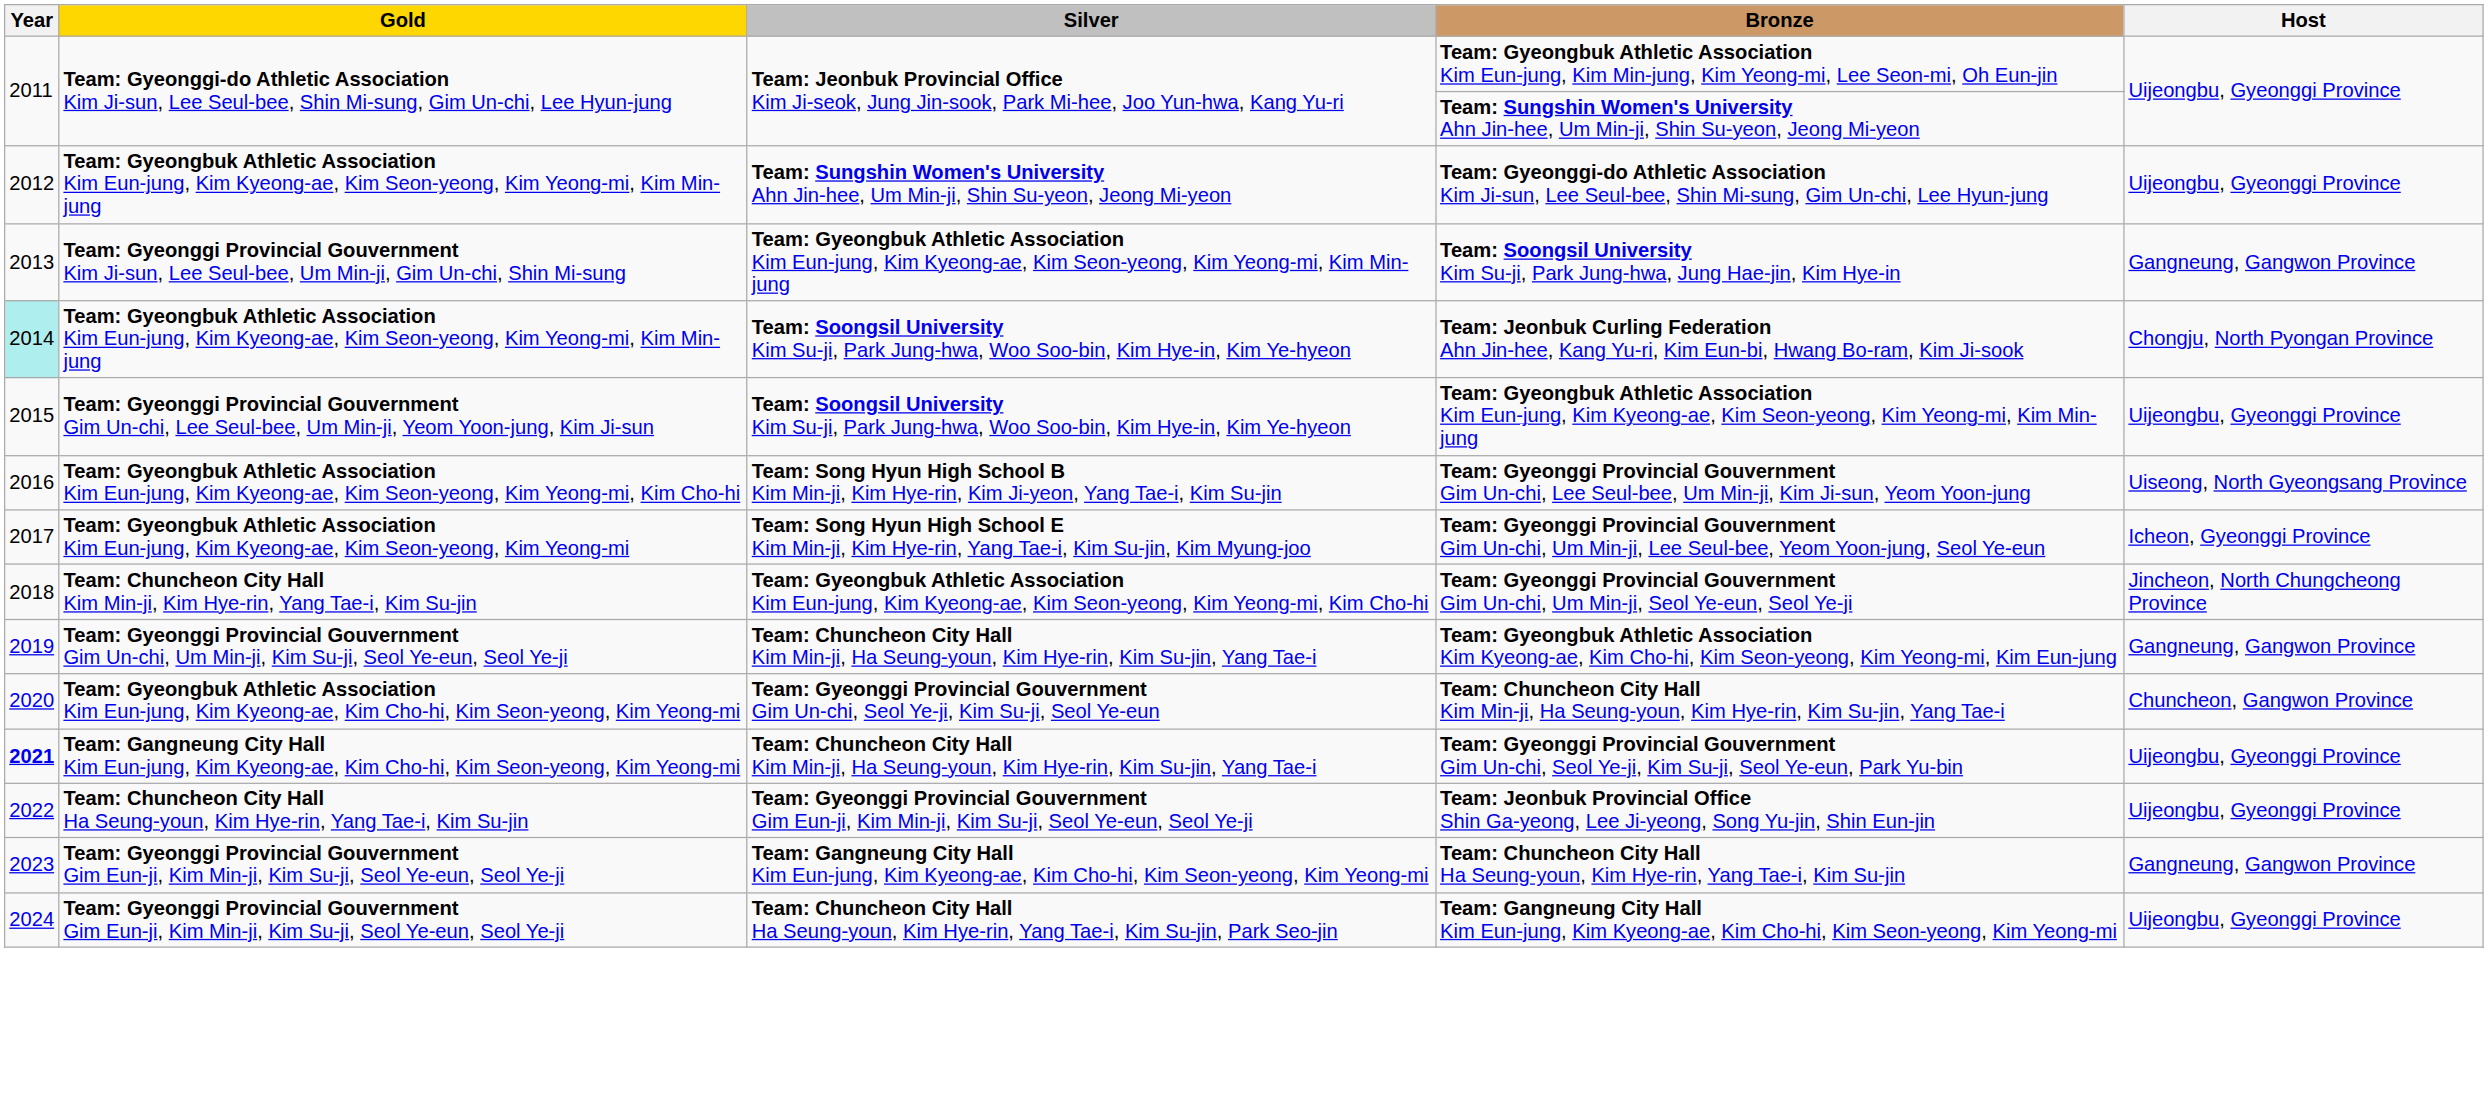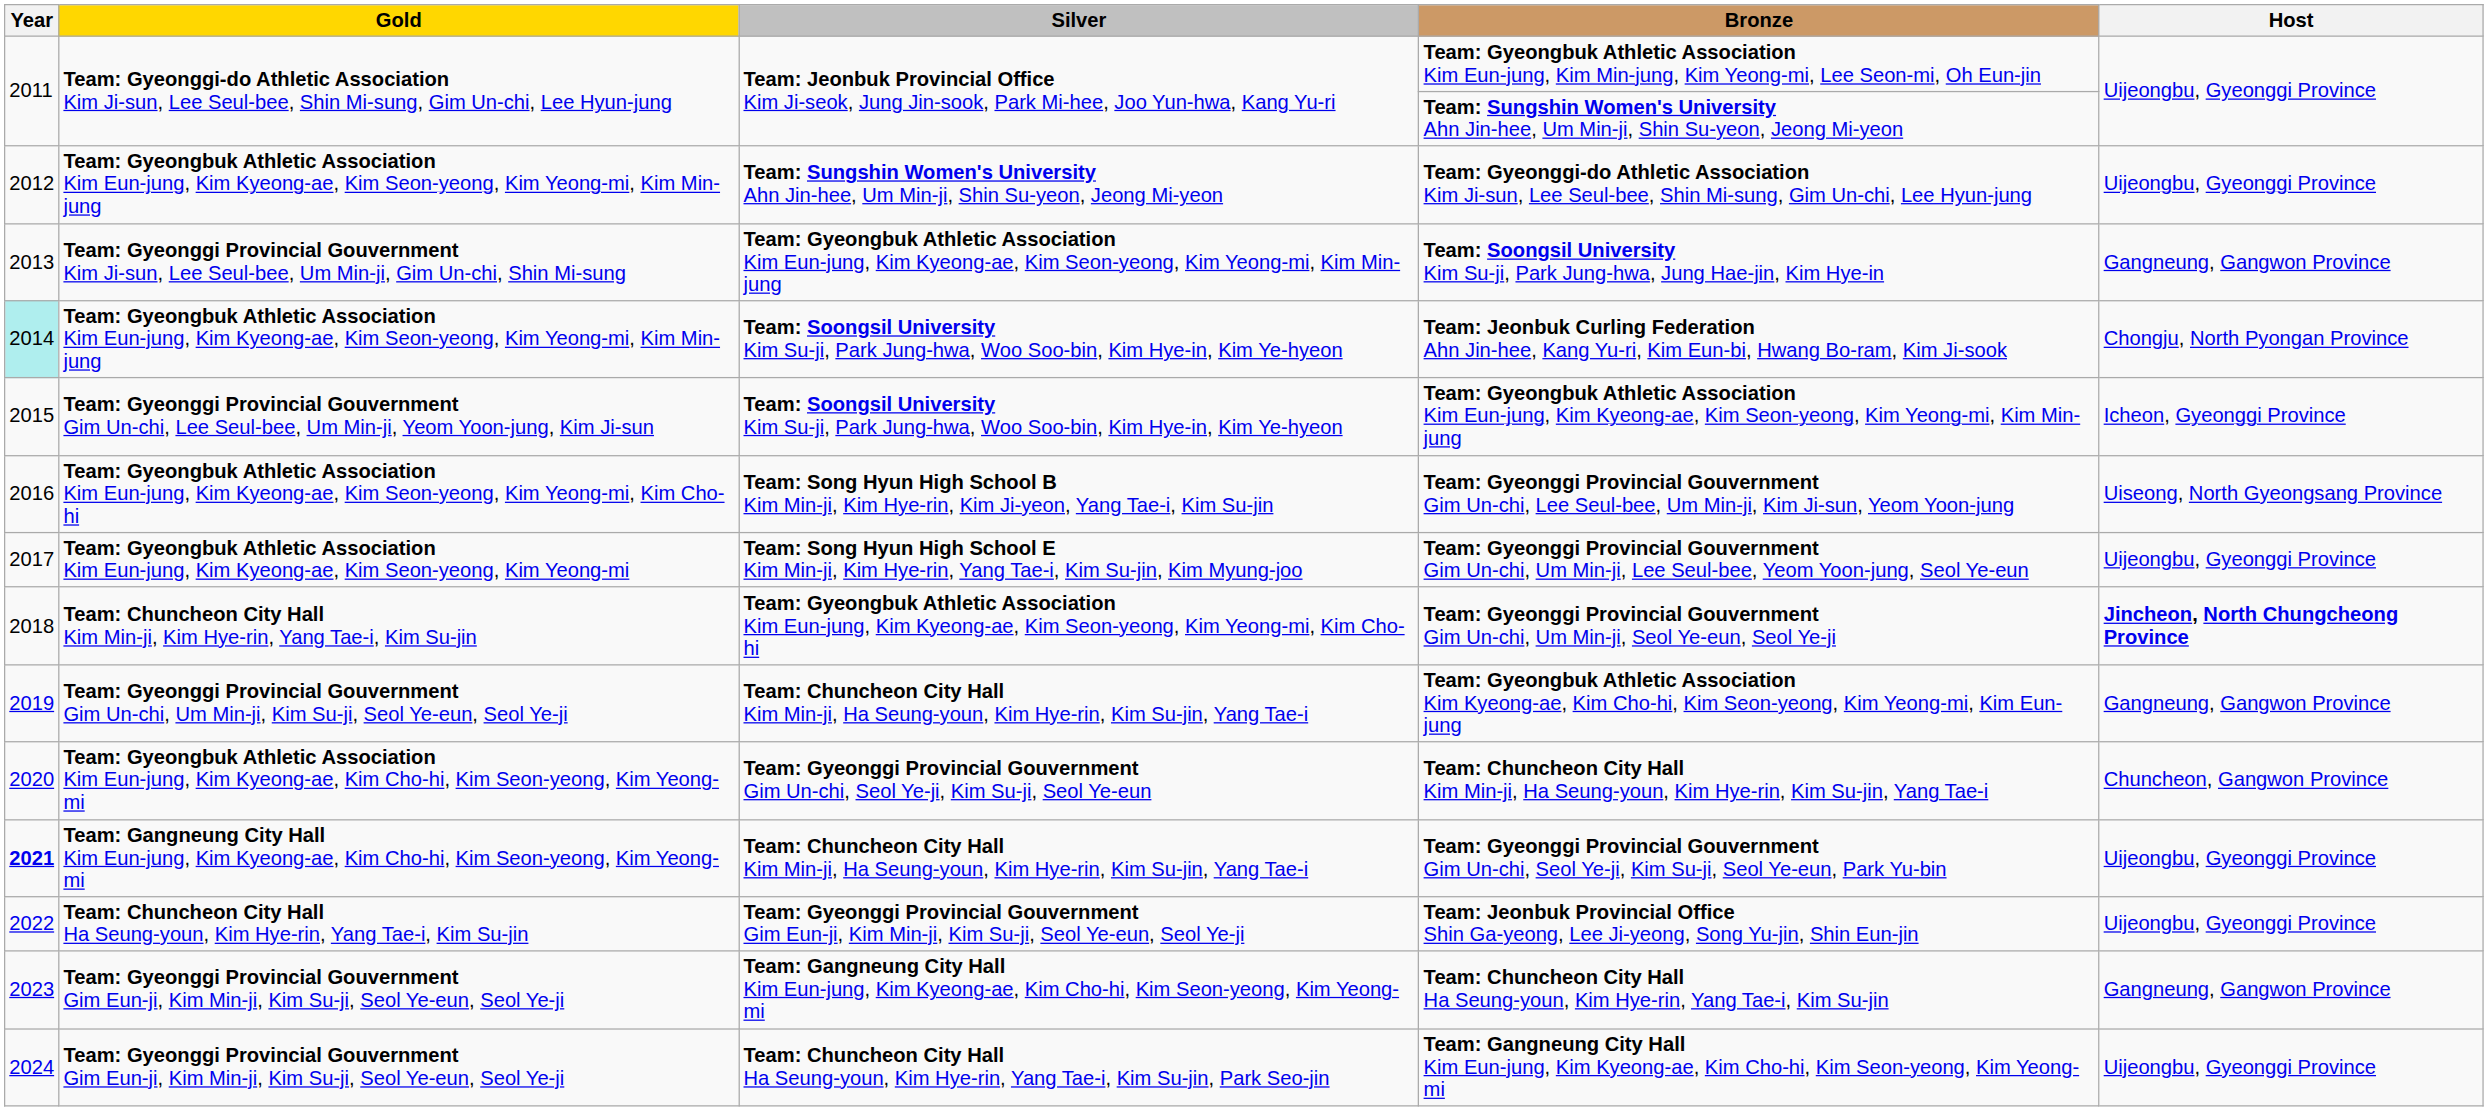 <table class="wikitable">
 <tr>
 <th>Year</th>
 <th style="background:gold;">Gold</th>
 <th style="background:silver;">Silver</th>
 <th style="background:#c96;">Bronze</th>
 <th>Host</th>
 </tr>
 <tr>
 <td rowspan=2>2011</td>
 <td rowspan=2><strong>Team:</strong> <strong> Gyeonggi-do Athletic Association</strong><br><a href='#'>Kim Ji-sun</a>, <a href='#'>Lee Seul-bee</a>, <a href='#'>Shin Mi-sung</a>, <a href='#'>Gim Un-chi</a>, <a href='#'>Lee Hyun-jung</a></td>
 <td rowspan=2><strong>Team:</strong> <strong> Jeonbuk Provincial Office</strong><br><a href='#'>Kim Ji-seok</a>, <a href='#'>Jung Jin-sook</a>, <a href='#'>Park Mi-hee</a>, <a href='#'>Joo Yun-hwa</a>, <a href='#'>Kang Yu-ri</a></td>
 <td><strong>Team:</strong> <strong> Gyeongbuk Athletic Association</strong><br><a href='#'>Kim Eun-jung</a>, <a href='#'>Kim Min-jung</a>, <a href='#'>Kim Yeong-mi</a>, <a href='#'>Lee Seon-mi</a>, <a href='#'>Oh Eun-jin</a></td>
 <td rowspan=2><a href='#'>Uijeongbu</a>, <a href='#'>Gyeonggi Province</a></td>
 </tr>
 <tr>
 <td><strong>Team:</strong> <strong> <a href='#'>Sungshin Women's University</a></strong><br><a href='#'>Ahn Jin-hee</a>, <a href='#'>Um Min-ji</a>, <a href='#'>Shin Su-yeon</a>, <a href='#'>Jeong Mi-yeon</a></td>
 </tr>
 <tr>
 <td>2012</td>
 <td><strong>Team:</strong> <strong> Gyeongbuk Athletic Association</strong><br><a href='#'>Kim Eun-jung</a>, <a href='#'>Kim Kyeong-ae</a>, <a href='#'>Kim Seon-yeong</a>, <a href='#'>Kim Yeong-mi</a>, <a href='#'>Kim Min-jung</a></td>
 <td><strong>Team:</strong> <strong> <a href='#'>Sungshin Women's University</a></strong><br><a href='#'>Ahn Jin-hee</a>, <a href='#'>Um Min-ji</a>, <a href='#'>Shin Su-yeon</a>, <a href='#'>Jeong Mi-yeon</a></td>
 <td><strong>Team:</strong> <strong> Gyeonggi-do Athletic Association</strong><br><a href='#'>Kim Ji-sun</a>, <a href='#'>Lee Seul-bee</a>, <a href='#'>Shin Mi-sung</a>, <a href='#'>Gim Un-chi</a>, <a href='#'>Lee Hyun-jung</a></td>
 <td><a href='#'>Uijeongbu</a>, <a href='#'>Gyeonggi Province</a></td>
 </tr>
 <tr>
 <td>2013</td>
 <td><strong>Team:</strong> <strong> Gyeonggi Provincial Gouvernment</strong><br><a href='#'>Kim Ji-sun</a>, <a href='#'>Lee Seul-bee</a>, <a href='#'>Um Min-ji</a>, <a href='#'>Gim Un-chi</a>, <a href='#'>Shin Mi-sung</a></td>
 <td><strong>Team:</strong> <strong> Gyeongbuk Athletic Association</strong><br><a href='#'>Kim Eun-jung</a>, <a href='#'>Kim Kyeong-ae</a>, <a href='#'>Kim Seon-yeong</a>, <a href='#'>Kim Yeong-mi</a>, <a href='#'>Kim Min-jung</a></td>
 <td><strong>Team:</strong> <strong> <a href='#'>Soongsil University</a></strong><br><a href='#'>Kim Su-ji</a>, <a href='#'>Park Jung-hwa</a>, <a href='#'>Jung Hae-jin</a>, <a href='#'>Kim Hye-in</a></td>
 <td><a href='#'>Gangneung</a>, <a href='#'>Gangwon Province</a></td>
 </tr>
 <tr>
 <td style="background: paleturquoise;">2014</td>
 <td><strong>Team:</strong> <strong> Gyeongbuk Athletic Association</strong><br><a href='#'>Kim Eun-jung</a>, <a href='#'>Kim Kyeong-ae</a>, <a href='#'>Kim Seon-yeong</a>, <a href='#'>Kim Yeong-mi</a>, <a href='#'>Kim Min-jung</a></td>
 <td><strong>Team:</strong> <strong> <a href='#'>Soongsil University</a></strong><br><a href='#'>Kim Su-ji</a>, <a href='#'>Park Jung-hwa</a>, <a href='#'>Woo Soo-bin</a>, <a href='#'>Kim Hye-in</a>, <a href='#'>Kim Ye-hyeon</a></td>
 <td><strong>Team:</strong> <strong> Jeonbuk Curling Federation</strong><br><a href='#'>Ahn Jin-hee</a>, <a href='#'>Kang Yu-ri</a>, <a href='#'>Kim Eun-bi</a>, <a href='#'>Hwang Bo-ram</a>, <a href='#'>Kim Ji-sook</a></td>
 <td><a href='#'>Chongju</a>, <a href='#'>North Pyongan Province</a></td>
 </tr>
 <tr>
 <td>2015</td>
 <td><strong>Team:</strong> <strong> Gyeonggi Provincial Gouvernment</strong><br><a href='#'>Gim Un-chi</a>, <a href='#'>Lee Seul-bee</a>, <a href='#'>Um Min-ji</a>, <a href='#'>Yeom Yoon-jung</a>, <a href='#'>Kim Ji-sun</a></td>
 <td><strong>Team:</strong> <strong> <a href='#'>Soongsil University</a></strong><br><a href='#'>Kim Su-ji</a>, <a href='#'>Park Jung-hwa</a>, <a href='#'>Woo Soo-bin</a>, <a href='#'>Kim Hye-in</a>, <a href='#'>Kim Ye-hyeon</a></td>
 <td><strong>Team:</strong> <strong> Gyeongbuk Athletic Association</strong><br><a href='#'>Kim Eun-jung</a>, <a href='#'>Kim Kyeong-ae</a>, <a href='#'>Kim Seon-yeong</a>, <a href='#'>Kim Yeong-mi</a>, <a href='#'>Kim Min-jung</a></td>
-<td><a href='#'>Uijeongbu</a>, <a href='#'>Gyeonggi Province</a></td>
+<td><a href='#'>Icheon</a>, <a href='#'>Gyeonggi Province</a></td>
 </tr>
 <tr>
 <td>2016</td>
 <td><strong>Team:</strong> <strong> Gyeongbuk Athletic Association</strong><br><a href='#'>Kim Eun-jung</a>, <a href='#'>Kim Kyeong-ae</a>, <a href='#'>Kim Seon-yeong</a>, <a href='#'>Kim Yeong-mi</a>, <a href='#'>Kim Cho-hi</a></td>
 <td><strong>Team:</strong> <strong> Song Hyun High School B</strong><br><a href='#'>Kim Min-ji</a>, <a href='#'>Kim Hye-rin</a>, <a href='#'>Kim Ji-yeon</a>, <a href='#'>Yang Tae-i</a>, <a href='#'>Kim Su-jin</a></td>
 <td><strong>Team:</strong> <strong> Gyeonggi Provincial Gouvernment</strong><br><a href='#'>Gim Un-chi</a>, <a href='#'>Lee Seul-bee</a>, <a href='#'>Um Min-ji</a>, <a href='#'>Kim Ji-sun</a>, <a href='#'>Yeom Yoon-jung</a></td>
 <td><a href='#'>Uiseong</a>, <a href='#'>North Gyeongsang Province</a></td>
 </tr>
 <tr>
 <td>2017</td>
 <td><strong>Team:</strong> <strong> Gyeongbuk Athletic Association</strong><br><a href='#'>Kim Eun-jung</a>, <a href='#'>Kim Kyeong-ae</a>, <a href='#'>Kim Seon-yeong</a>, <a href='#'>Kim Yeong-mi</a></td>
 <td><strong>Team:</strong> <strong> Song Hyun High School E</strong><br><a href='#'>Kim Min-ji</a>, <a href='#'>Kim Hye-rin</a>, <a href='#'>Yang Tae-i</a>, <a href='#'>Kim Su-jin</a>, <a href='#'>Kim Myung-joo</a></td>
 <td><strong>Team:</strong> <strong> Gyeonggi Provincial Gouvernment</strong><br><a href='#'>Gim Un-chi</a>, <a href='#'>Um Min-ji</a>, <a href='#'>Lee Seul-bee</a>, <a href='#'>Yeom Yoon-jung</a>, <a href='#'>Seol Ye-eun</a></td>
-<td><a href='#'>Icheon</a>, <a href='#'>Gyeonggi Province</a></td>
+<td><a href='#'>Uijeongbu</a>, <a href='#'>Gyeonggi Province</a></td>
 </tr>
 <tr>
 <td>2018</td>
 <td><strong>Team:</strong> <strong> Chuncheon City Hall</strong><br><a href='#'>Kim Min-ji</a>, <a href='#'>Kim Hye-rin</a>, <a href='#'>Yang Tae-i</a>, <a href='#'>Kim Su-jin</a></td>
 <td><strong>Team:</strong> <strong> Gyeongbuk Athletic Association</strong><br><a href='#'>Kim Eun-jung</a>, <a href='#'>Kim Kyeong-ae</a>, <a href='#'>Kim Seon-yeong</a>, <a href='#'>Kim Yeong-mi</a>, <a href='#'>Kim Cho-hi</a></td>
 <td><strong>Team:</strong> <strong> Gyeonggi Provincial Gouvernment</strong><br><a href='#'>Gim Un-chi</a>, <a href='#'>Um Min-ji</a>, <a href='#'>Seol Ye-eun</a>, <a href='#'>Seol Ye-ji</a></td>
-<td><a href='#'>Jincheon</a>, <a href='#'>North Chungcheong Province</a></td>
+<td><strong><a href='#'>Jincheon</a>, <a href='#'>North Chungcheong Province</a></strong></td>
 </tr>
 <tr>
 <td><a href='#'>2019</a></td>
 <td><strong>Team:</strong> <strong> Gyeonggi Provincial Gouvernment</strong><br><a href='#'>Gim Un-chi</a>, <a href='#'>Um Min-ji</a>, <a href='#'>Kim Su-ji</a>, <a href='#'>Seol Ye-eun</a>, <a href='#'>Seol Ye-ji</a></td>
 <td><strong>Team:</strong> <strong> Chuncheon City Hall</strong><br><a href='#'>Kim Min-ji</a>, <a href='#'>Ha Seung-youn</a>, <a href='#'>Kim Hye-rin</a>, <a href='#'>Kim Su-jin</a>, <a href='#'>Yang Tae-i</a></td>
 <td><strong>Team:</strong> <strong> Gyeongbuk Athletic Association</strong><br><a href='#'>Kim Kyeong-ae</a>, <a href='#'>Kim Cho-hi</a>, <a href='#'>Kim Seon-yeong</a>, <a href='#'>Kim Yeong-mi</a>, <a href='#'>Kim Eun-jung</a></td>
 <td><a href='#'>Gangneung</a>, <a href='#'>Gangwon Province</a></td>
 </tr>
 <tr>
 <td><a href='#'>2020</a></td>
 <td><strong>Team:</strong> <strong> Gyeongbuk Athletic Association</strong><br><a href='#'>Kim Eun-jung</a>, <a href='#'>Kim Kyeong-ae</a>, <a href='#'>Kim Cho-hi</a>, <a href='#'>Kim Seon-yeong</a>, <a href='#'>Kim Yeong-mi</a></td>
 <td><strong>Team:</strong> <strong> Gyeonggi Provincial Gouvernment</strong><br><a href='#'>Gim Un-chi</a>, <a href='#'>Seol Ye-ji</a>, <a href='#'>Kim Su-ji</a>, <a href='#'>Seol Ye-eun</a></td>
 <td><strong>Team:</strong> <strong> Chuncheon City Hall</strong><br><a href='#'>Kim Min-ji</a>, <a href='#'>Ha Seung-youn</a>, <a href='#'>Kim Hye-rin</a>, <a href='#'>Kim Su-jin</a>, <a href='#'>Yang Tae-i</a></td>
 <td><a href='#'>Chuncheon</a>, <a href='#'>Gangwon Province</a></td>
 </tr>
 <tr>
 <td><strong><a href='#'>2021</a></strong></td>
 <td><strong>Team:</strong> <strong> Gangneung City Hall</strong><br><a href='#'>Kim Eun-jung</a>, <a href='#'>Kim Kyeong-ae</a>, <a href='#'>Kim Cho-hi</a>, <a href='#'>Kim Seon-yeong</a>, <a href='#'>Kim Yeong-mi</a></td>
 <td><strong>Team:</strong> <strong> Chuncheon City Hall</strong><br><a href='#'>Kim Min-ji</a>, <a href='#'>Ha Seung-youn</a>, <a href='#'>Kim Hye-rin</a>, <a href='#'>Kim Su-jin</a>, <a href='#'>Yang Tae-i</a></td>
 <td><strong>Team:</strong> <strong> Gyeonggi Provincial Gouvernment</strong><br><a href='#'>Gim Un-chi</a>, <a href='#'>Seol Ye-ji</a>, <a href='#'>Kim Su-ji</a>, <a href='#'>Seol Ye-eun</a>, <a href='#'>Park Yu-bin</a></td>
 <td><a href='#'>Uijeongbu</a>, <a href='#'>Gyeonggi Province</a></td>
 </tr>
 <tr>
 <td><a href='#'>2022</a></td>
 <td><strong>Team:</strong> <strong> Chuncheon City Hall</strong><br><a href='#'>Ha Seung-youn</a>, <a href='#'>Kim Hye-rin</a>, <a href='#'>Yang Tae-i</a>, <a href='#'>Kim Su-jin</a></td>
 <td><strong>Team:</strong> <strong> Gyeonggi Provincial Gouvernment</strong><br><a href='#'>Gim Eun-ji</a>, <a href='#'>Kim Min-ji</a>, <a href='#'>Kim Su-ji</a>, <a href='#'>Seol Ye-eun</a>, <a href='#'>Seol Ye-ji</a></td>
 <td><strong>Team:</strong> <strong> Jeonbuk Provincial Office</strong><br><a href='#'>Shin Ga-yeong</a>, <a href='#'>Lee Ji-yeong</a>, <a href='#'>Song Yu-jin</a>, <a href='#'>Shin Eun-jin</a></td>
 <td><a href='#'>Uijeongbu</a>, <a href='#'>Gyeonggi Province</a></td>
 </tr>
 <tr>
 <td><a href='#'>2023</a></td>
 <td><strong>Team:</strong> <strong> Gyeonggi Provincial Gouvernment</strong><br><a href='#'>Gim Eun-ji</a>, <a href='#'>Kim Min-ji</a>, <a href='#'>Kim Su-ji</a>, <a href='#'>Seol Ye-eun</a>, <a href='#'>Seol Ye-ji</a></td>
 <td><strong>Team:</strong> <strong> Gangneung City Hall</strong><br><a href='#'>Kim Eun-jung</a>, <a href='#'>Kim Kyeong-ae</a>, <a href='#'>Kim Cho-hi</a>, <a href='#'>Kim Seon-yeong</a>, <a href='#'>Kim Yeong-mi</a></td>
 <td><strong>Team:</strong> <strong> Chuncheon City Hall</strong><br><a href='#'>Ha Seung-youn</a>, <a href='#'>Kim Hye-rin</a>, <a href='#'>Yang Tae-i</a>, <a href='#'>Kim Su-jin</a></td>
 <td><a href='#'>Gangneung</a>, <a href='#'>Gangwon Province</a></td>
 </tr>
 <tr>
 <td><a href='#'>2024</a></td>
 <td><strong>Team:</strong> <strong> Gyeonggi Provincial Gouvernment</strong><br><a href='#'>Gim Eun-ji</a>, <a href='#'>Kim Min-ji</a>, <a href='#'>Kim Su-ji</a>, <a href='#'>Seol Ye-eun</a>, <a href='#'>Seol Ye-ji</a></td>
 <td><strong>Team:</strong> <strong> Chuncheon City Hall</strong><br><a href='#'>Ha Seung-youn</a>, <a href='#'>Kim Hye-rin</a>, <a href='#'>Yang Tae-i</a>, <a href='#'>Kim Su-jin</a>, <a href='#'>Park Seo-jin</a></td>
 <td><strong>Team:</strong> <strong> Gangneung City Hall</strong><br><a href='#'>Kim Eun-jung</a>, <a href='#'>Kim Kyeong-ae</a>, <a href='#'>Kim Cho-hi</a>, <a href='#'>Kim Seon-yeong</a>, <a href='#'>Kim Yeong-mi</a></td>
 <td><a href='#'>Uijeongbu</a>, <a href='#'>Gyeonggi Province</a></td>
 </tr>
 </table>
